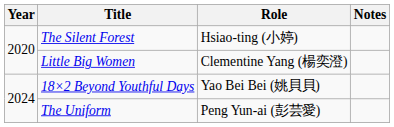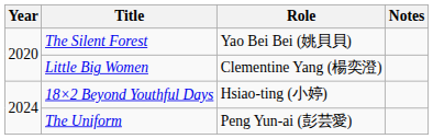 <table class="wikitable">
 <tr>
 <th>Year</th>
 <th>Title</th>
 <th>Role</th>
 <th>Notes</th>
 </tr>
 <tr>
 <td rowspan="2">2020</td>
 <td><em><a href='#'>The Silent Forest</a></em></td>
-<td>Hsiao-ting (小婷)</td>
+<td>Yao Bei Bei (姚貝貝)</td>
 <td></td>
 </tr>
 <tr>
 <td><em><a href='#'>Little Big Women</a></em></td>
 <td>Clementine Yang (楊奕澄)</td>
 <td></td>
 </tr>
 <tr>
 <td rowspan="2">2024</td>
 <td><em><a href='#'>18×2 Beyond Youthful Days</a></em></td>
-<td>Yao Bei Bei (姚貝貝)</td>
+<td>Hsiao-ting (小婷)</td>
 <td></td>
 </tr>
 <tr>
 <td><em><a href='#'>The Uniform</a></em></td>
 <td>Peng Yun-ai (彭芸愛)</td>
 <td></td>
 </tr>
 </table>
